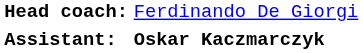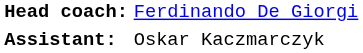 <table>
 <tr>
 <td><strong>Head coach:</strong></td>
 <td> <a href='#'>Ferdinando De Giorgi</a></td>
 </tr>
 <tr>
 <td><strong>Assistant:</strong></td>
-<td><strong> Oskar Kaczmarczyk</strong></td>
+<td> Oskar Kaczmarczyk</td>
 </tr>
 <tr>
 </tr>
 </table>
